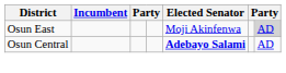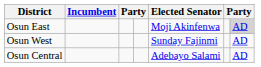 <table class="sortable wikitable" style="font-size:95%;line-height:14px;">
 <tr>
 <th class="unsortable">District</th>
 <th class="unsortable"><a href='#'>Incumbent</a></th>
 <th colspan="2">Party</th>
 <th class="unsortable">Elected Senator</th>
 <th colspan="2">Party</th>
 </tr>
 <tr>
 <td>Osun East</td>
 <td></td>
 <td></td>
 <td></td>
 <td><a href='#'>Moji Akinfenwa</a></td>
 <td style="background:"></td>
 <td style="background: lightgrey;"><a href='#'>AD</a></td>
 </tr>
 <tr>
+<td>Osun West</td>
+<td></td>
+<td></td>
+<td></td>
+<td><a href='#'>Sunday Fajinmi</a></td>
+<td style="background:"></td>
+<td><a href='#'>AD</a></td>
+</tr>
+<tr>
 <td>Osun Central</td>
 <td></td>
 <td></td>
 <td></td>
-<td><strong><a href='#'>Adebayo Salami</a></strong></td>
+<td><a href='#'>Adebayo Salami</a></td>
 <td style="background:"></td>
 <td><a href='#'>AD</a></td>
 </tr>
 </table>
